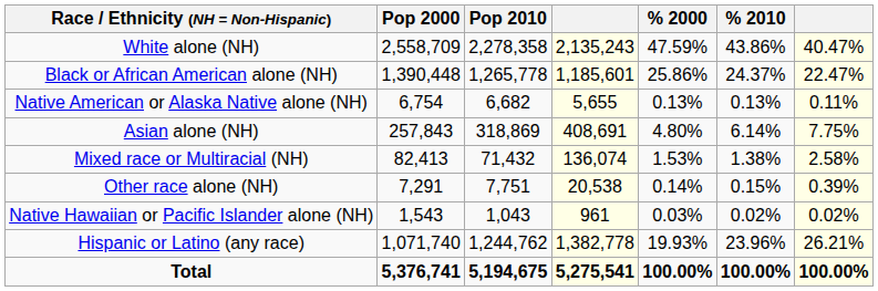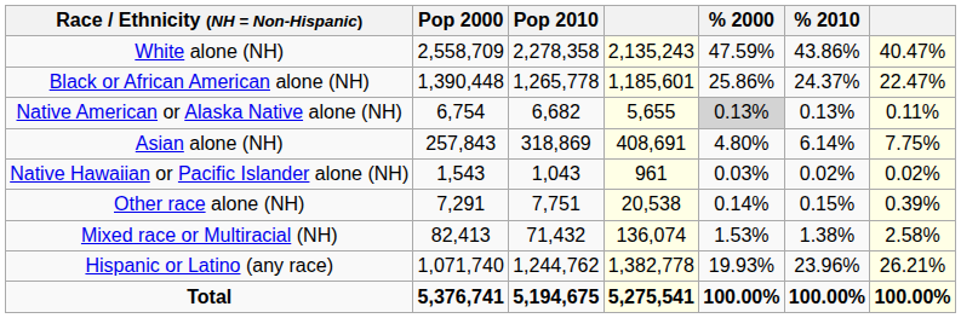 <table class="wikitable" style="text-align:center;">
 <tr>
 <th>Race / Ethnicity <small>(<em>NH = Non-Hispanic</em>)</small></th>
 <th>Pop 2000</th>
 <th>Pop 2010</th>
 <th></th>
 <th>% 2000</th>
 <th>% 2010</th>
 <th></th>
 </tr>
 <tr>
 <td><a href='#'>White</a> alone (NH)</td>
 <td>2,558,709</td>
 <td>2,278,358</td>
 <td style='background: #ffffe6;'>2,135,243</td>
 <td>47.59%</td>
 <td>43.86%</td>
 <td style='background: #ffffe6;'>40.47%</td>
 </tr>
 <tr>
 <td><a href='#'>Black or African American</a> alone (NH)</td>
 <td>1,390,448</td>
 <td>1,265,778</td>
 <td style='background: #ffffe6;'>1,185,601</td>
 <td>25.86%</td>
 <td>24.37%</td>
 <td style='background: #ffffe6;'>22.47%</td>
 </tr>
 <tr>
 <td><a href='#'>Native American</a> or <a href='#'>Alaska Native</a> alone (NH)</td>
 <td>6,754</td>
 <td>6,682</td>
 <td style='background: #ffffe6;'>5,655</td>
-<td>0.13%</td>
+<td style="background: lightgrey;">0.13%</td>
 <td>0.13%</td>
 <td style='background: #ffffe6;'>0.11%</td>
 </tr>
 <tr>
 <td><a href='#'>Asian</a> alone (NH)</td>
 <td>257,843</td>
 <td>318,869</td>
 <td style='background: #ffffe6;'>408,691</td>
 <td>4.80%</td>
 <td>6.14%</td>
 <td style='background: #ffffe6;'>7.75%</td>
 </tr>
 <tr>
-<td><a href='#'>Mixed race or Multiracial</a> (NH)</td>
-<td>82,413</td>
-<td>71,432</td>
-<td style='background: #ffffe6;'>136,074</td>
-<td>1.53%</td>
-<td>1.38%</td>
-<td style='background: #ffffe6;'>2.58%</td>
+<td><a href='#'>Native Hawaiian</a> or <a href='#'>Pacific Islander</a> alone (NH)</td>
+<td>1,543</td>
+<td>1,043</td>
+<td style='background: #ffffe6;'>961</td>
+<td>0.03%</td>
+<td>0.02%</td>
+<td style='background: #ffffe6;'>0.02%</td>
 </tr>
 <tr>
 <td><a href='#'>Other race</a> alone (NH)</td>
 <td>7,291</td>
 <td>7,751</td>
 <td style='background: #ffffe6;'>20,538</td>
 <td>0.14%</td>
 <td>0.15%</td>
 <td style='background: #ffffe6;'>0.39%</td>
 </tr>
 <tr>
-<td><a href='#'>Native Hawaiian</a> or <a href='#'>Pacific Islander</a> alone (NH)</td>
-<td>1,543</td>
-<td>1,043</td>
-<td style='background: #ffffe6;'>961</td>
-<td>0.03%</td>
-<td>0.02%</td>
-<td style='background: #ffffe6;'>0.02%</td>
+<td><a href='#'>Mixed race or Multiracial</a> (NH)</td>
+<td>82,413</td>
+<td>71,432</td>
+<td style='background: #ffffe6;'>136,074</td>
+<td>1.53%</td>
+<td>1.38%</td>
+<td style='background: #ffffe6;'>2.58%</td>
 </tr>
 <tr>
 <td><a href='#'>Hispanic or Latino</a> (any race)</td>
 <td>1,071,740</td>
 <td>1,244,762</td>
 <td style='background: #ffffe6;'>1,382,778</td>
 <td>19.93%</td>
 <td>23.96%</td>
 <td style='background: #ffffe6;'>26.21%</td>
 </tr>
 <tr>
 <td><strong>Total</strong></td>
 <td><strong>5,376,741</strong></td>
 <td><strong>5,194,675</strong></td>
 <td style='background: #ffffe6;'><strong>5,275,541</strong></td>
 <td><strong>100.00%</strong></td>
 <td><strong>100.00%</strong></td>
 <td style='background: #ffffe6;'><strong>100.00%</strong></td>
 </tr>
 </table>
